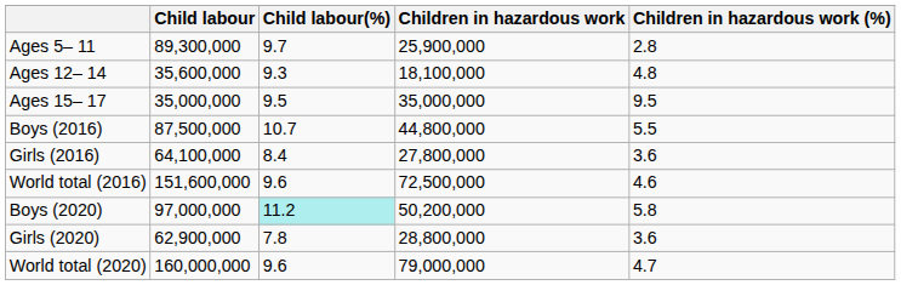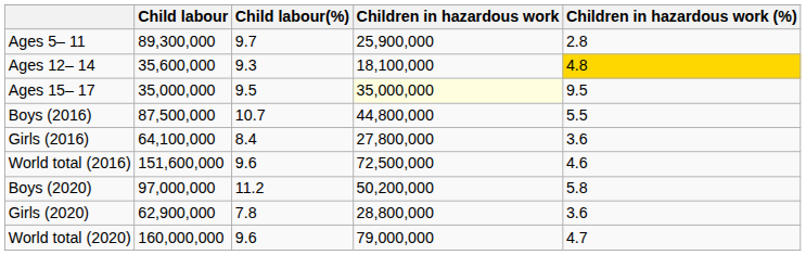 <table class="wikitable">
 <tr>
 </tr>
 <tr>
 <th></th>
 <th>Child labour</th>
 <th>Child labour(%)</th>
 <th>Children in hazardous work</th>
 <th>Children in hazardous work (%)</th>
 </tr>
 <tr>
 <td>Ages 5– 11</td>
 <td>89,300,000</td>
 <td>9.7</td>
 <td>25,900,000</td>
 <td>2.8</td>
 </tr>
 <tr>
 <td>Ages 12– 14</td>
 <td>35,600,000</td>
 <td>9.3</td>
 <td>18,100,000</td>
-<td>4.8</td>
+<td style="background: gold;">4.8</td>
 </tr>
 <tr>
 <td>Ages 15– 17</td>
 <td>35,000,000</td>
 <td>9.5</td>
-<td>35,000,000</td>
+<td style="background: lightyellow;">35,000,000</td>
 <td>9.5</td>
 </tr>
 <tr>
 <td>Boys (2016)</td>
 <td>87,500,000</td>
 <td>10.7</td>
 <td>44,800,000</td>
 <td>5.5</td>
 </tr>
 <tr>
 <td>Girls (2016)</td>
 <td>64,100,000</td>
 <td>8.4</td>
 <td>27,800,000</td>
 <td>3.6</td>
 </tr>
 <tr>
 <td>World total (2016)</td>
 <td>151,600,000</td>
 <td>9.6</td>
 <td>72,500,000</td>
 <td>4.6</td>
 </tr>
 <tr>
 <td>Boys (2020)</td>
 <td>97,000,000</td>
-<td style="background: paleturquoise;">11.2</td>
+<td>11.2</td>
 <td>50,200,000</td>
 <td>5.8</td>
 </tr>
 <tr>
 <td>Girls (2020)</td>
 <td>62,900,000</td>
 <td>7.8</td>
 <td>28,800,000</td>
 <td>3.6</td>
 </tr>
 <tr>
 <td>World total (2020)</td>
 <td>160,000,000</td>
 <td>9.6</td>
 <td>79,000,000</td>
 <td>4.7</td>
 </tr>
 </table>
